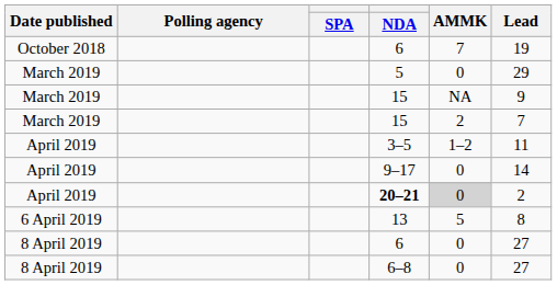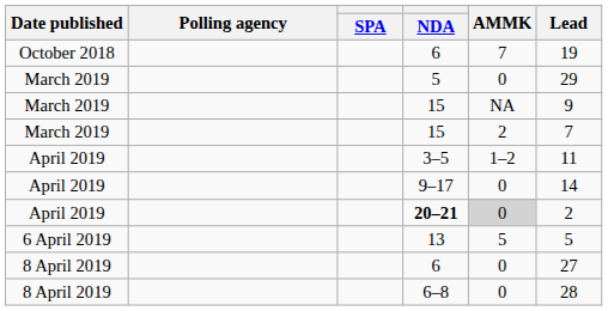 <table class="wikitable sortable" style="text-align:center;font-size:95%;line-height:16px">
 <tr>
 <th width="100" rowspan="2">Date published</th>
 <th width="175" rowspan="2">Polling agency</th>
 <th style="background:"></th>
 <th style="background:"></th>
 <th width="50" class="unsortable" rowspan="2">AMMK</th>
 <th width="50" rowspan="2">Lead</th>
 </tr>
 <tr>
 <th width="50" class="unsortable"><a href='#'>SPA</a></th>
 <th width="50" class="unsortable"><a href='#'>NDA</a></th>
 </tr>
 <tr>
 <td>October 2018</td>
 <td></td>
 <td style="background:"><strong></strong></td>
 <td style="background:">6</td>
 <td>7</td>
 <td style="background:"><span>19</span></td>
 </tr>
 <tr>
 <td>March 2019</td>
 <td></td>
 <td style="background:"><strong></strong></td>
 <td style="background:">5</td>
 <td>0</td>
 <td style="background:"><span>29</span></td>
 </tr>
 <tr>
 <td>March 2019</td>
 <td></td>
 <td style="background:"><strong></strong></td>
 <td style="background:">15</td>
 <td>NA</td>
 <td style="background:"><span>9</span></td>
 </tr>
 <tr>
 <td>March 2019</td>
 <td></td>
 <td style="background:"><strong></strong></td>
 <td style="background:">15</td>
 <td>2</td>
 <td style="background:"><span>7</span></td>
 </tr>
 <tr>
 <td>April 2019</td>
 <td></td>
 <td style="background:"><strong></strong></td>
 <td style="background:">3–5</td>
 <td>1–2</td>
 <td style="background:"><span>11</span></td>
 </tr>
 <tr>
 <td>April 2019</td>
 <td></td>
 <td style="background:"><strong></strong></td>
 <td style="background:">9–17</td>
 <td>0</td>
 <td style="background:"><span>14</span></td>
 </tr>
 <tr>
 <td>April 2019</td>
 <td></td>
 <td style="background:"></td>
 <td style="background:"><strong>20–21</strong></td>
 <td style="background: lightgrey;">0</td>
 <td style="background:"><span>2</span></td>
 </tr>
 <tr>
 <td>6 April 2019</td>
 <td></td>
 <td style="background:"><strong></strong></td>
 <td style="background:">13</td>
 <td>5</td>
-<td style="background:"><span>8</span></td>
+<td style="background:"><span>5</span></td>
 </tr>
 <tr>
 <td>8 April 2019</td>
 <td></td>
 <td style="background:"><strong></strong></td>
 <td style="background:">6</td>
 <td>0</td>
 <td style="background:"><span>27</span></td>
 </tr>
 <tr>
 <td>8 April 2019</td>
 <td></td>
 <td style="background:"><strong></strong></td>
 <td style="background:">6–8</td>
 <td>0</td>
-<td style="background:"><span>27</span></td>
+<td style="background:"><span>28</span></td>
 </tr>
 </table>
